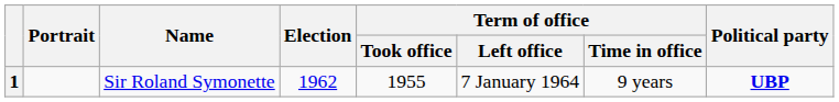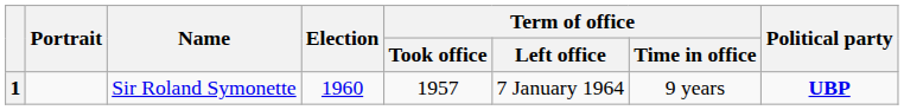 <table class=wikitable style=text-align:center>
 <tr>
 <th rowspan=2></th>
 <th rowspan=2>Portrait</th>
 <th rowspan=2>Name<br></th>
 <th rowspan=2>Election</th>
 <th colspan=3>Term of office</th>
 <th rowspan=2>Political party</th>
 </tr>
 <tr>
 <th>Took office</th>
 <th>Left office</th>
 <th>Time in office</th>
 </tr>
 <tr>
 <th style="background:">1</th>
 <td></td>
 <td><a href='#'>Sir Roland Symonette</a><br></td>
-<td><a href='#'>1962</a></td>
-<td>1955</td>
+<td><a href='#'>1960</a></td>
+<td>1957</td>
 <td>7 January 1964</td>
 <td>9 years</td>
 <td><strong><a href='#'>UBP</a></strong></td>
 </tr>
 </table>
